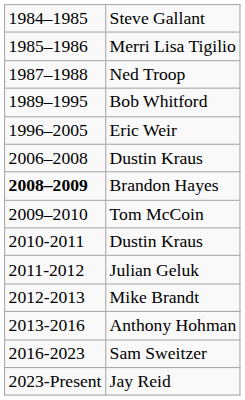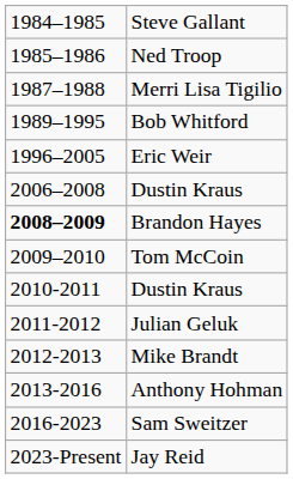 <table class="wikitable">
 <tr>
 <td>1984–1985</td>
 <td>Steve Gallant</td>
 </tr>
 <tr>
 <td>1985–1986</td>
-<td>Merri Lisa Tigilio</td>
+<td>Ned Troop</td>
 </tr>
 <tr>
 <td>1987–1988</td>
-<td>Ned Troop</td>
+<td>Merri Lisa Tigilio</td>
 </tr>
 <tr>
 <td>1989–1995</td>
 <td>Bob Whitford</td>
 </tr>
 <tr>
 <td>1996–2005</td>
 <td>Eric Weir</td>
 </tr>
 <tr>
 <td>2006–2008</td>
 <td>Dustin Kraus</td>
 </tr>
 <tr>
 <td><strong>2008–2009</strong></td>
 <td>Brandon Hayes</td>
 </tr>
 <tr>
 <td>2009–2010</td>
 <td>Tom McCoin</td>
 </tr>
 <tr>
 <td>2010-2011</td>
 <td>Dustin Kraus</td>
 </tr>
 <tr>
 <td>2011-2012</td>
 <td>Julian Geluk</td>
 </tr>
 <tr>
 <td>2012-2013</td>
 <td>Mike Brandt</td>
 </tr>
 <tr>
 <td>2013-2016</td>
 <td>Anthony Hohman</td>
 </tr>
 <tr>
 <td>2016-2023</td>
 <td>Sam Sweitzer</td>
 </tr>
 <tr>
 <td>2023-Present</td>
 <td>Jay Reid</td>
 </tr>
 </table>
